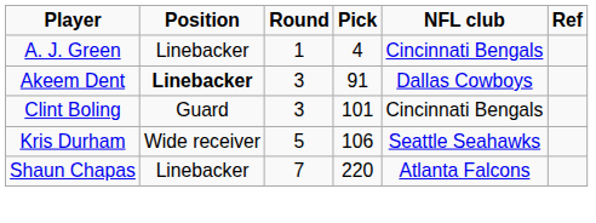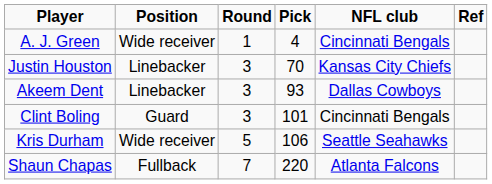 <table class="wikitable">
 <tr align="center">
 <td><strong>Player</strong></td>
 <td><strong>Position</strong></td>
 <td><strong>Round</strong></td>
 <td><strong>Pick</strong></td>
 <td><strong>NFL club</strong></td>
 <td><strong>Ref</strong></td>
 </tr>
 <tr align="center" bgcolor="">
 <td><a href='#'>A. J. Green</a></td>
-<td>Linebacker</td>
+<td>Wide receiver</td>
 <td>1</td>
 <td>4</td>
 <td><a href='#'>Cincinnati Bengals</a></td>
 <td></td>
 </tr>
 <tr align="center" bgcolor="">
+<td><a href='#'>Justin Houston</a></td>
+<td>Linebacker</td>
+<td>3</td>
+<td>70</td>
+<td><a href='#'>Kansas City Chiefs</a></td>
+<td></td>
+</tr>
+<tr align="center" bgcolor="">
 <td><a href='#'>Akeem Dent</a></td>
-<td><strong>Linebacker</strong></td>
+<td>Linebacker</td>
 <td>3</td>
-<td>91</td>
+<td>93</td>
 <td><a href='#'>Dallas Cowboys</a></td>
 <td></td>
 </tr>
 <tr align="center" bgcolor="">
 <td><a href='#'>Clint Boling</a></td>
 <td>Guard</td>
 <td>3</td>
 <td>101</td>
 <td>Cincinnati Bengals</td>
 <td></td>
 </tr>
 <tr align="center" bgcolor="">
 <td><a href='#'>Kris Durham</a></td>
 <td>Wide receiver</td>
 <td>5</td>
 <td>106</td>
 <td><a href='#'>Seattle Seahawks</a></td>
 <td></td>
 </tr>
 <tr align="center" bgcolor="">
 <td><a href='#'>Shaun Chapas</a></td>
-<td>Linebacker</td>
+<td>Fullback</td>
 <td>7</td>
 <td>220</td>
 <td><a href='#'>Atlanta Falcons</a></td>
 <td></td>
 </tr>
 </table>
